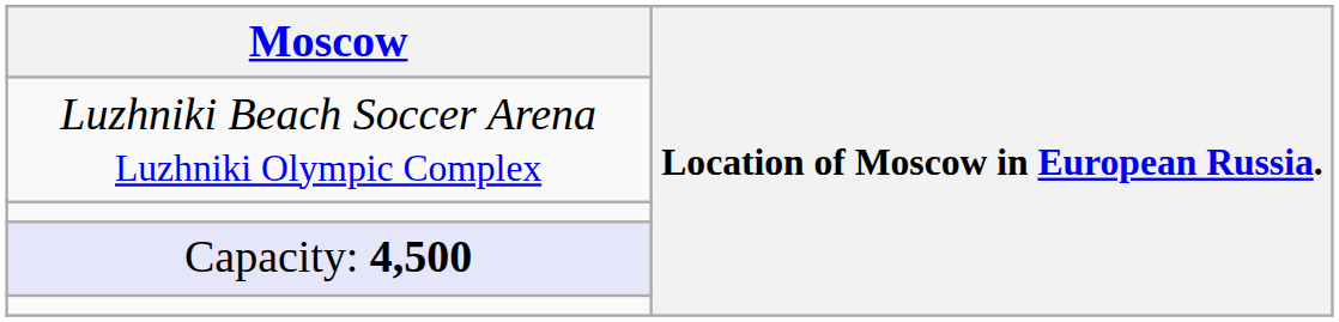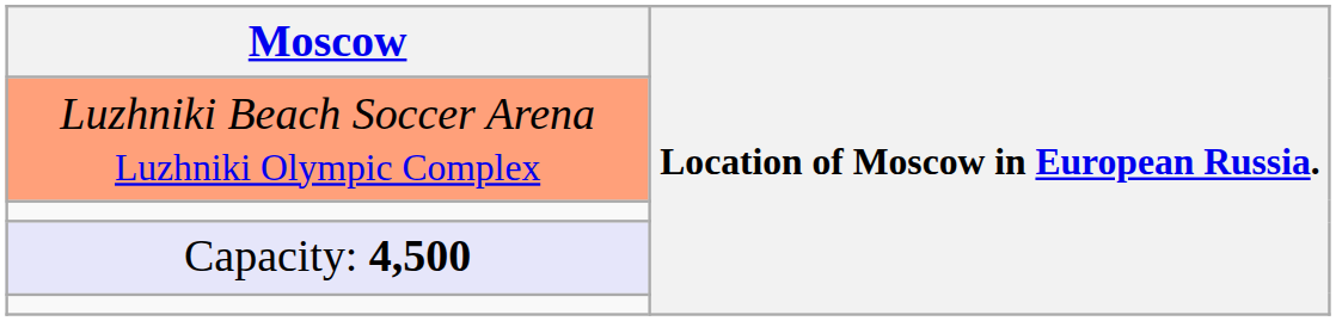 <table class="wikitable" style="margin:1em auto; text-align:center">
 <tr>
 <th width=220><a href='#'>Moscow</a></th>
 <th rowspan=5 colspan=2><small>Location of Moscow in <a href='#'>European Russia</a>.</small></th>
 </tr>
 <tr>
-<td><em>Luzhniki Beach Soccer Arena</em><br><small><a href='#'>Luzhniki Olympic Complex</a></small></td>
+<td style="background: lightsalmon;"><em>Luzhniki Beach Soccer Arena</em><br><small><a href='#'>Luzhniki Olympic Complex</a></small></td>
 </tr>
 <tr>
 <td><small></small></td>
 </tr>
 <tr>
 <td style="background: lavender;">Capacity: <strong>4,500</strong></td>
 </tr>
 <tr>
 <td></td>
 </tr>
 </table>
